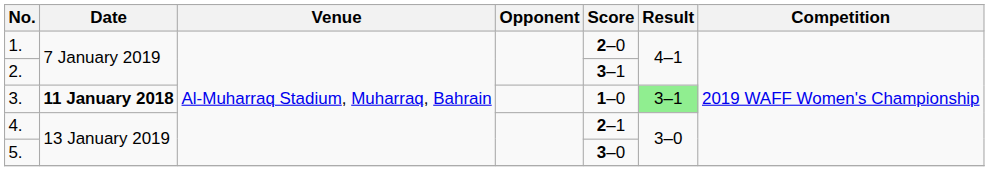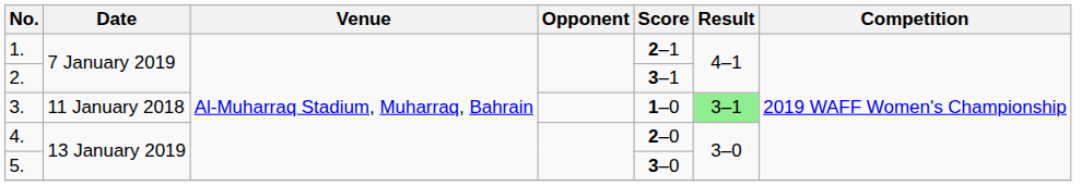 <table class="wikitable">
 <tr>
 <th>No.</th>
 <th>Date</th>
 <th>Venue</th>
 <th>Opponent</th>
 <th>Score</th>
 <th>Result</th>
 <th>Competition</th>
 </tr>
 <tr>
 <td>1.</td>
 <td rowspan=2>7 January 2019</td>
 <td rowspan=5><a href='#'>Al-Muharraq Stadium</a>, <a href='#'>Muharraq</a>, <a href='#'>Bahrain</a></td>
 <td rowspan=2></td>
-<td align=center><strong>2</strong>–0</td>
+<td align=center><strong>2</strong>–1</td>
 <td rowspan=2 align=center>4–1</td>
 <td rowspan=5><a href='#'>2019 WAFF Women's Championship</a></td>
 </tr>
 <tr>
 <td>2.</td>
 <td align=center><strong>3</strong>–1</td>
 </tr>
 <tr>
 <td>3.</td>
-<td><strong>11 January 2018</strong></td>
+<td>11 January 2018</td>
 <td></td>
 <td align=center><strong>1</strong>–0</td>
 <td align=center style="background: lightgreen;">3–1</td>
 </tr>
 <tr>
 <td>4.</td>
 <td rowspan=2>13 January 2019</td>
 <td rowspan=2></td>
-<td align=center><strong>2</strong>–1</td>
+<td align=center><strong>2</strong>–0</td>
 <td rowspan=2 align=center>3–0</td>
 </tr>
 <tr>
 <td>5.</td>
 <td align=center><strong>3</strong>–0</td>
 </tr>
 <tr>
 </tr>
 </table>
